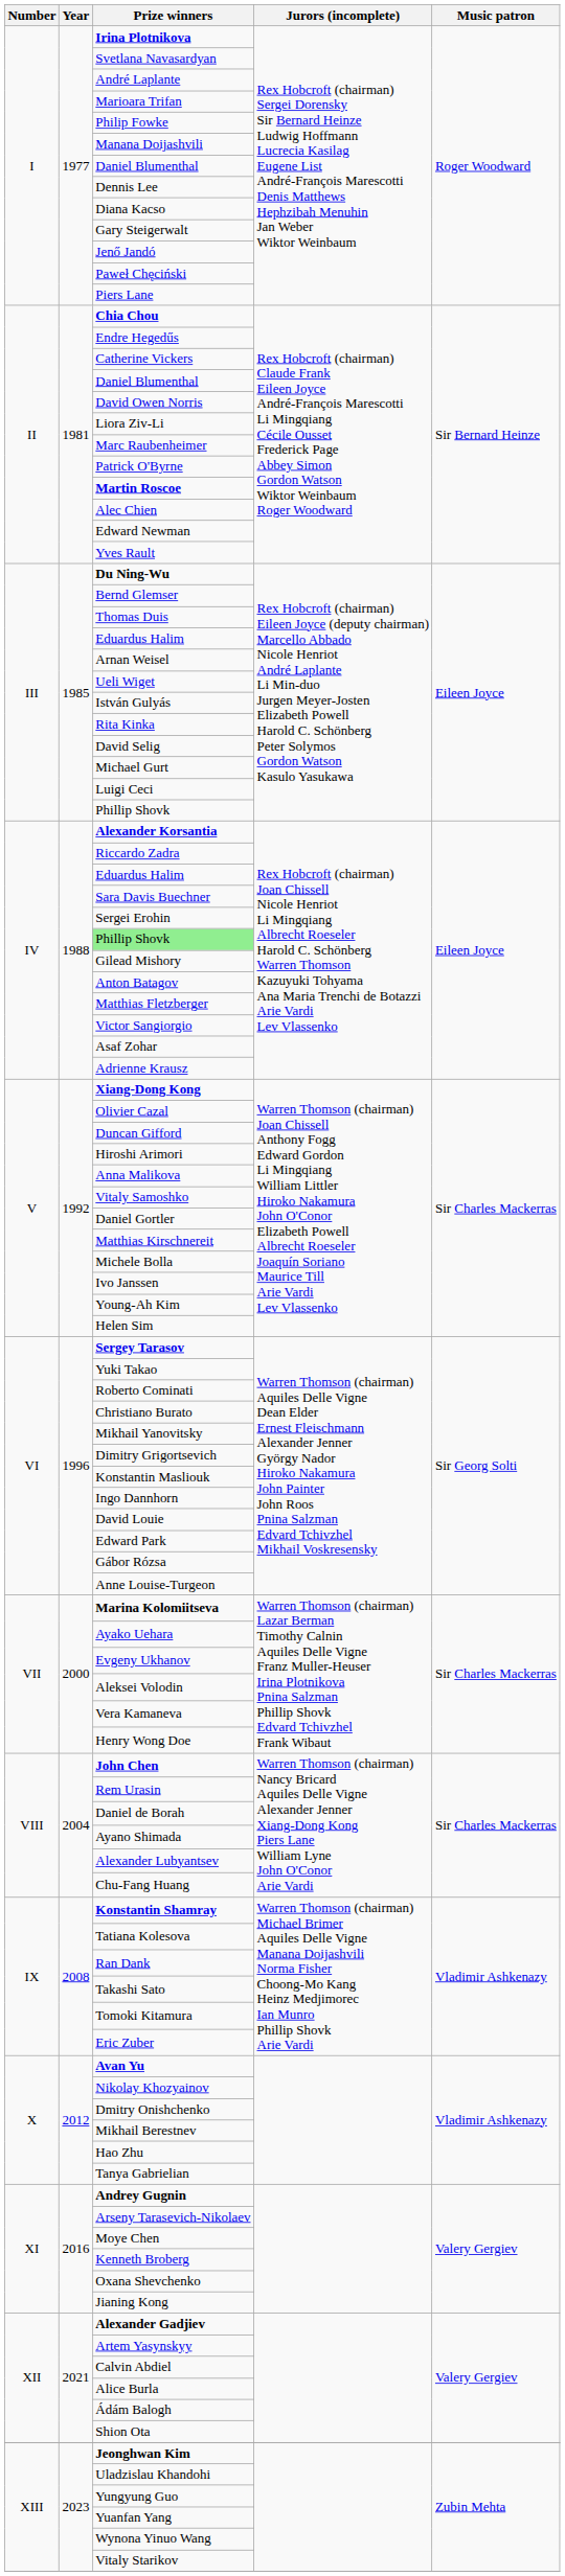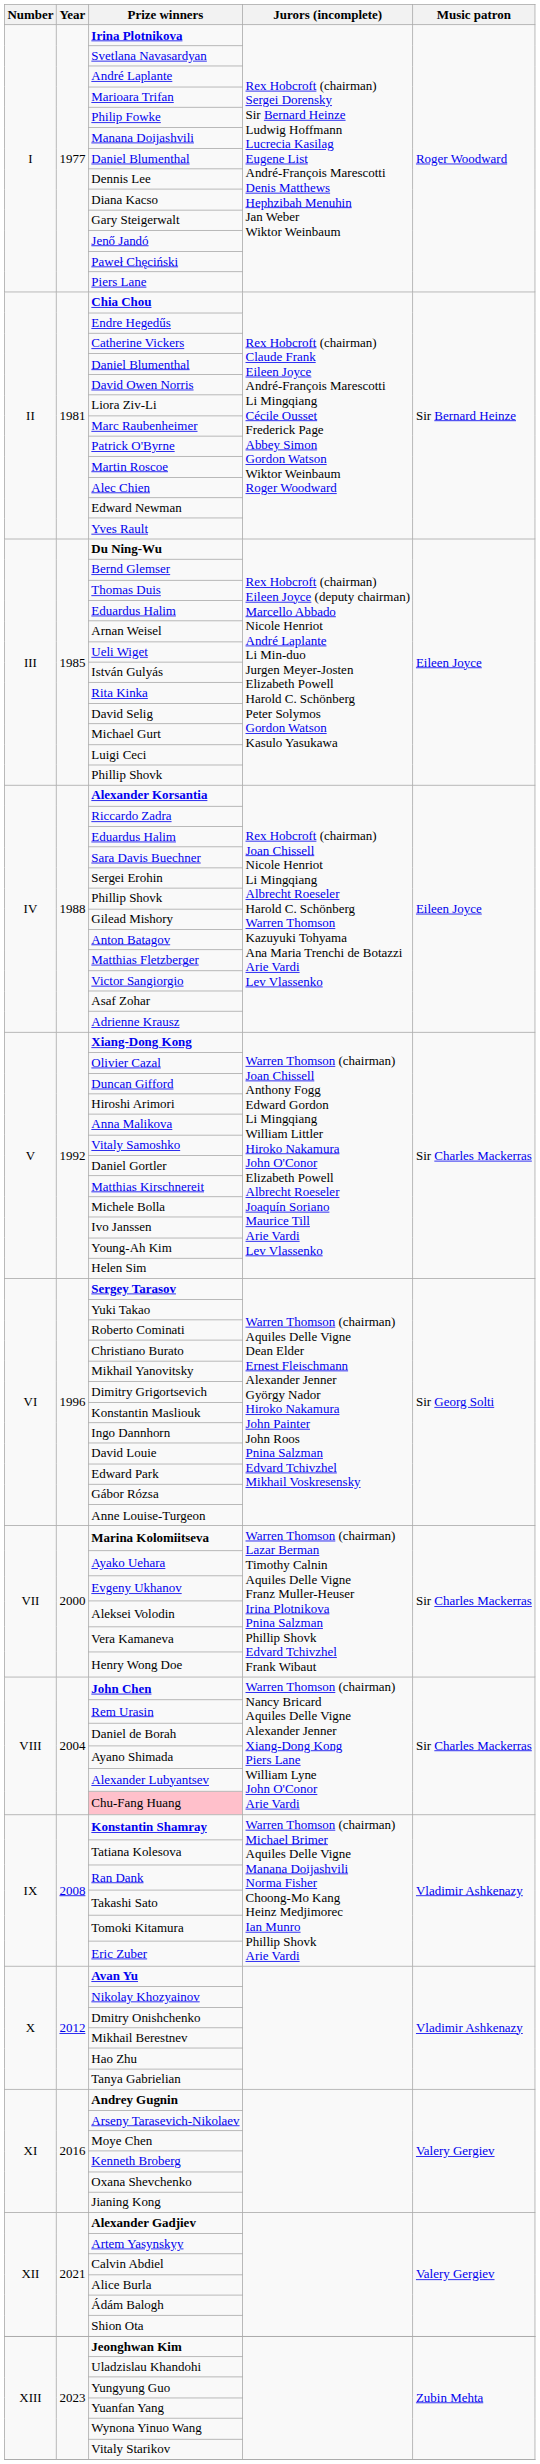 <table class="wikitable">
 <tr>
 <th>Number</th>
 <th>Year</th>
 <th>Prize winners</th>
 <th>Jurors (incomplete)</th>
 <th>Music patron</th>
 </tr>
 <tr>
 <td rowspan="13" style="text-align:center;">I</td>
 <td rowspan="13" style="text-align:center;">1977</td>
 <td> <strong><a href='#'>Irina Plotnikova</a></strong></td>
 <td rowspan="13"><a href='#'>Rex Hobcroft</a> (chairman) <br> <a href='#'>Sergei Dorensky</a> <br> Sir <a href='#'>Bernard Heinze</a><br> Ludwig Hoffmann <br> <a href='#'>Lucrecia Kasilag</a> <br> <a href='#'>Eugene List</a> <br> André-François Marescotti <br> <a href='#'>Denis Matthews</a> <br> <a href='#'>Hephzibah Menuhin</a> <br> Jan Weber <br> Wiktor Weinbaum</td>
 <td rowspan="13"><a href='#'>Roger Woodward</a></td>
 </tr>
 <tr>
 <td> <a href='#'>Svetlana Navasardyan</a></td>
 </tr>
 <tr>
 <td> <a href='#'>André Laplante</a></td>
 </tr>
 <tr>
 <td> <a href='#'>Marioara Trifan</a></td>
 </tr>
 <tr>
 <td> <a href='#'>Philip Fowke</a></td>
 </tr>
 <tr>
 <td> <a href='#'>Manana Doijashvili</a></td>
 </tr>
 <tr>
 <td> <a href='#'>Daniel Blumenthal</a></td>
 </tr>
 <tr>
 <td> Dennis Lee</td>
 </tr>
 <tr>
 <td> Diana Kacso</td>
 </tr>
 <tr>
 <td> Gary Steigerwalt</td>
 </tr>
 <tr>
 <td> <a href='#'>Jenő Jandó</a></td>
 </tr>
 <tr>
 <td> <a href='#'>Paweł Chęciński</a></td>
 </tr>
 <tr>
 <td> <a href='#'>Piers Lane</a></td>
 </tr>
 <tr>
 <td rowspan="12" style="text-align:center;">II</td>
 <td rowspan="12" style="text-align:center;">1981</td>
 <td> <strong><a href='#'>Chia Chou</a></strong></td>
 <td rowspan="12"><a href='#'>Rex Hobcroft</a> (chairman) <br> <a href='#'>Claude Frank</a> <br> <a href='#'>Eileen Joyce</a> <br> André-François Marescotti <br> Li Mingqiang <br> <a href='#'>Cécile Ousset</a> <br> Frederick Page <br> <a href='#'>Abbey Simon</a> <br> <a href='#'>Gordon Watson</a> <br> Wiktor Weinbaum <br> <a href='#'>Roger Woodward</a></td>
 <td rowspan="12">Sir <a href='#'>Bernard Heinze</a></td>
 </tr>
 <tr>
 <td> <a href='#'>Endre Hegedűs</a></td>
 </tr>
 <tr>
 <td> <a href='#'>Catherine Vickers</a></td>
 </tr>
 <tr>
 <td> <a href='#'>Daniel Blumenthal</a></td>
 </tr>
 <tr>
 <td> <a href='#'>David Owen Norris</a></td>
 </tr>
 <tr>
 <td> Liora Ziv-Li</td>
 </tr>
 <tr>
 <td> <a href='#'>Marc Raubenheimer</a></td>
 </tr>
 <tr>
 <td> <a href='#'>Patrick O'Byrne</a></td>
 </tr>
 <tr>
-<td><strong> <a href='#'>Martin Roscoe</a></strong></td>
+<td> <a href='#'>Martin Roscoe</a></td>
 </tr>
 <tr>
 <td> <a href='#'>Alec Chien</a></td>
 </tr>
 <tr>
 <td> Edward Newman</td>
 </tr>
 <tr>
 <td> <a href='#'>Yves Rault</a></td>
 </tr>
 <tr>
 <td rowspan="12" style="text-align:center;">III</td>
 <td rowspan="12" style="text-align:center;">1985</td>
 <td> <strong>Du Ning-Wu</strong></td>
 <td rowspan="12"><a href='#'>Rex Hobcroft</a> (chairman) <br> <a href='#'>Eileen Joyce</a> (deputy chairman) <br> <a href='#'>Marcello Abbado</a> <br> Nicole Henriot <br> <a href='#'>André Laplante</a> <br> Li Min-duo <br> Jurgen Meyer-Josten <br> Elizabeth Powell <br> Harold C. Schönberg <br> Peter Solymos <br> <a href='#'>Gordon Watson</a> <br> Kasulo Yasukawa</td>
 <td rowspan="12"><a href='#'>Eileen Joyce</a></td>
 </tr>
 <tr>
 <td> <a href='#'>Bernd Glemser</a></td>
 </tr>
 <tr>
 <td> <a href='#'>Thomas Duis</a></td>
 </tr>
 <tr>
 <td> <a href='#'>Eduardus Halim</a></td>
 </tr>
 <tr>
 <td> Arnan Weisel</td>
 </tr>
 <tr>
 <td> <a href='#'>Ueli Wiget</a></td>
 </tr>
 <tr>
 <td> István Gulyás</td>
 </tr>
 <tr>
 <td> <a href='#'>Rita Kinka</a></td>
 </tr>
 <tr>
 <td> David Selig</td>
 </tr>
 <tr>
 <td> Michael Gurt</td>
 </tr>
 <tr>
 <td> Luigi Ceci</td>
 </tr>
 <tr>
 <td> Phillip Shovk</td>
 </tr>
 <tr>
 <td rowspan="12" style="text-align:center;">IV</td>
 <td rowspan="12" style="text-align:center;">1988</td>
 <td> <strong><a href='#'>Alexander Korsantia</a></strong></td>
 <td rowspan="12"><a href='#'>Rex Hobcroft</a> (chairman) <br> <a href='#'>Joan Chissell</a> <br> Nicole Henriot <br> Li Mingqiang <br> <a href='#'>Albrecht Roeseler</a> <br> Harold C. Schönberg <br> <a href='#'>Warren Thomson</a> <br> Kazuyuki Tohyama <br> Ana Maria Trenchi de Botazzi <br> <a href='#'>Arie Vardi</a> <br> <a href='#'>Lev Vlassenko</a></td>
 <td rowspan="12"><a href='#'>Eileen Joyce</a></td>
 </tr>
 <tr>
 <td> <a href='#'>Riccardo Zadra</a></td>
 </tr>
 <tr>
 <td> <a href='#'>Eduardus Halim</a></td>
 </tr>
 <tr>
 <td> <a href='#'>Sara Davis Buechner</a></td>
 </tr>
 <tr>
 <td> Sergei Erohin</td>
 </tr>
 <tr>
-<td style="background: lightgreen;"> Phillip Shovk</td>
+<td> Phillip Shovk</td>
 </tr>
 <tr>
 <td> Gilead Mishory</td>
 </tr>
 <tr>
 <td> <a href='#'>Anton Batagov</a></td>
 </tr>
 <tr>
 <td> <a href='#'>Matthias Fletzberger</a></td>
 </tr>
 <tr>
 <td> <a href='#'>Victor Sangiorgio</a></td>
 </tr>
 <tr>
 <td> Asaf Zohar</td>
 </tr>
 <tr>
 <td> <a href='#'>Adrienne Krausz</a></td>
 </tr>
 <tr>
 <td rowspan="12" style="text-align:center;">V</td>
 <td rowspan="12" style="text-align:center;">1992</td>
 <td> <strong><a href='#'>Xiang-Dong Kong</a></strong></td>
 <td rowspan="12"><a href='#'>Warren Thomson</a> (chairman) <br> <a href='#'>Joan Chissell</a> <br> Anthony Fogg <br> Edward Gordon <br> Li Mingqiang <br> William Littler <br> <a href='#'>Hiroko Nakamura</a> <br> <a href='#'>John O'Conor</a> <br> Elizabeth Powell <br> <a href='#'>Albrecht Roeseler</a> <br> <a href='#'>Joaquín Soriano</a> <br> <a href='#'>Maurice Till</a> <br> <a href='#'>Arie Vardi</a> <br> <a href='#'>Lev Vlassenko</a> <br></td>
 <td rowspan="12">Sir <a href='#'>Charles Mackerras</a></td>
 </tr>
 <tr>
 <td> <a href='#'>Olivier Cazal</a></td>
 </tr>
 <tr>
 <td> <a href='#'>Duncan Gifford</a></td>
 </tr>
 <tr>
 <td> Hiroshi Arimori</td>
 </tr>
 <tr>
 <td> <a href='#'>Anna Malikova</a></td>
 </tr>
 <tr>
 <td> <a href='#'>Vitaly Samoshko</a></td>
 </tr>
 <tr>
 <td> Daniel Gortler</td>
 </tr>
 <tr>
 <td> <a href='#'>Matthias Kirschnereit</a></td>
 </tr>
 <tr>
 <td> Michele Bolla</td>
 </tr>
 <tr>
 <td> Ivo Janssen</td>
 </tr>
 <tr>
 <td> Young-Ah Kim</td>
 </tr>
 <tr>
 <td> Helen Sim</td>
 </tr>
 <tr>
 <td rowspan="12" style="text-align:center;">VI</td>
 <td rowspan="12" style="text-align:center;">1996</td>
 <td> <strong><a href='#'>Sergey Tarasov</a></strong></td>
 <td rowspan="12"><a href='#'>Warren Thomson</a> (chairman) <br> Aquiles Delle Vigne <br> Dean Elder <br> <a href='#'>Ernest Fleischmann</a> <br> Alexander Jenner <br> György Nador <br> <a href='#'>Hiroko Nakamura</a> <br> <a href='#'>John Painter</a> <br> John Roos <br> <a href='#'>Pnina Salzman</a> <br> <a href='#'>Edvard Tchivzhel</a> <br> <a href='#'>Mikhail Voskresensky</a></td>
 <td rowspan="12">Sir <a href='#'>Georg Solti</a></td>
 </tr>
 <tr>
 <td> Yuki Takao</td>
 </tr>
 <tr>
 <td> Roberto Cominati</td>
 </tr>
 <tr>
 <td> Christiano Burato</td>
 </tr>
 <tr>
 <td> Mikhail Yanovitsky</td>
 </tr>
 <tr>
 <td> Dimitry Grigortsevich</td>
 </tr>
 <tr>
 <td> Konstantin Masliouk</td>
 </tr>
 <tr>
 <td> Ingo Dannhorn</td>
 </tr>
 <tr>
 <td> David Louie</td>
 </tr>
 <tr>
 <td> Edward Park</td>
 </tr>
 <tr>
 <td> Gábor Rózsa</td>
 </tr>
 <tr>
 <td> Anne Louise-Turgeon</td>
 </tr>
 <tr>
 <td rowspan="6" style="text-align:center;">VII</td>
 <td rowspan="6" style="text-align:center;">2000</td>
 <td> <strong>Marina Kolomiitseva</strong></td>
 <td rowspan="6"><a href='#'>Warren Thomson</a> (chairman) <br> <a href='#'>Lazar Berman</a> <br> Timothy Calnin <br> Aquiles Delle Vigne <br> Franz Muller-Heuser <br> <a href='#'>Irina Plotnikova</a> <br> <a href='#'>Pnina Salzman</a> <br> Phillip Shovk <br> <a href='#'>Edvard Tchivzhel</a> <br> Frank Wibaut</td>
 <td rowspan="6">Sir <a href='#'>Charles Mackerras</a></td>
 </tr>
 <tr>
 <td> <a href='#'>Ayako Uehara</a></td>
 </tr>
 <tr>
 <td> <a href='#'>Evgeny Ukhanov</a></td>
 </tr>
 <tr>
 <td> Aleksei Volodin</td>
 </tr>
 <tr>
 <td> Vera Kamaneva</td>
 </tr>
 <tr>
 <td> Henry Wong Doe</td>
 </tr>
 <tr>
 <td rowspan="6" style="text-align:center;">VIII</td>
 <td rowspan="6" style="text-align:center;">2004</td>
 <td> <strong><a href='#'>John Chen</a></strong></td>
 <td rowspan="6"><a href='#'>Warren Thomson</a> (chairman)<br> Nancy Bricard<br> Aquiles Delle Vigne<br> Alexander Jenner<br> <a href='#'>Xiang-Dong Kong</a><br> <a href='#'>Piers Lane</a><br> William Lyne<br> <a href='#'>John O'Conor</a><br> <a href='#'>Arie Vardi</a></td>
 <td rowspan="6">Sir <a href='#'>Charles Mackerras</a></td>
 </tr>
 <tr>
 <td> <a href='#'>Rem Urasin</a></td>
 </tr>
 <tr>
 <td> Daniel de Borah</td>
 </tr>
 <tr>
 <td> Ayano Shimada</td>
 </tr>
 <tr>
 <td> <a href='#'>Alexander Lubyantsev</a></td>
 </tr>
 <tr>
-<td> Chu-Fang Huang</td>
+<td style="background: pink;"> Chu-Fang Huang</td>
 </tr>
 <tr>
 <td rowspan="6" style="text-align:center;">IX</td>
 <td rowspan="6" style="text-align:center;"><a href='#'>2008</a></td>
 <td> <strong><a href='#'>Konstantin Shamray</a></strong></td>
 <td rowspan="6"><a href='#'>Warren Thomson</a> (chairman)<br> <a href='#'>Michael Brimer</a><br> Aquiles Delle Vigne<br> <a href='#'>Manana Doijashvili</a><br> <a href='#'>Norma Fisher</a><br> Choong-Mo Kang<br> Heinz Medjimorec<br> <a href='#'>Ian Munro</a><br> Phillip Shovk<br> <a href='#'>Arie Vardi</a></td>
 <td rowspan="6"><a href='#'>Vladimir Ashkenazy</a></td>
 </tr>
 <tr>
 <td> Tatiana Kolesova</td>
 </tr>
 <tr>
 <td> <a href='#'>Ran Dank</a></td>
 </tr>
 <tr>
 <td> Takashi Sato</td>
 </tr>
 <tr>
 <td> Tomoki Kitamura</td>
 </tr>
 <tr>
 <td> <a href='#'>Eric Zuber</a></td>
 </tr>
 <tr>
 <td rowspan="6" style="text-align:center;">X</td>
 <td rowspan="6" style="text-align:center;"><a href='#'>2012</a></td>
 <td> <strong><a href='#'>Avan Yu</a></strong></td>
 <td rowspan="6"></td>
 <td rowspan="6"><a href='#'>Vladimir Ashkenazy</a></td>
 </tr>
 <tr>
 <td> <a href='#'>Nikolay Khozyainov</a></td>
 </tr>
 <tr>
 <td> Dmitry Onishchenko</td>
 </tr>
 <tr>
 <td> Mikhail Berestnev</td>
 </tr>
 <tr>
 <td> Hao Zhu</td>
 </tr>
 <tr>
 <td> Tanya Gabrielian</td>
 </tr>
 <tr>
 <td rowspan="6" style="text-align:center;">XI</td>
 <td rowspan="6" style="text-align:center;">2016</td>
 <td> <strong>Andrey Gugnin</strong></td>
 <td rowspan="6"></td>
 <td rowspan="6"><a href='#'>Valery Gergiev</a></td>
 </tr>
 <tr>
 <td> <a href='#'>Arseny Tarasevich-Nikolaev</a></td>
 </tr>
 <tr>
 <td> Moye Chen</td>
 </tr>
 <tr>
 <td> <a href='#'>Kenneth Broberg</a></td>
 </tr>
 <tr>
 <td> Oxana Shevchenko</td>
 </tr>
 <tr>
 <td> Jianing Kong</td>
 </tr>
 <tr>
 <td rowspan="6" style="text-align:center;">XII</td>
 <td rowspan="6" style="text-align:center;">2021</td>
 <td> <strong>Alexander Gadjiev</strong></td>
 <td rowspan="6"></td>
 <td rowspan="6"><a href='#'>Valery Gergiev</a></td>
 </tr>
 <tr>
 <td> <a href='#'>Artem Yasynskyy</a></td>
 </tr>
 <tr>
 <td> Calvin Abdiel</td>
 </tr>
 <tr>
 <td> Alice Burla</td>
 </tr>
 <tr>
 <td> Ádám Balogh</td>
 </tr>
 <tr>
 <td> Shion Ota</td>
 </tr>
 <tr>
 </tr>
 <tr>
 <td rowspan="6" style="text-align:center;">XIII</td>
 <td rowspan="6" style="text-align:center;">2023</td>
 <td> <strong>Jeonghwan Kim</strong></td>
 <td rowspan="6"></td>
 <td rowspan="6"><a href='#'>Zubin Mehta</a></td>
 </tr>
 <tr>
 <td> Uladzislau Khandohi</td>
 </tr>
 <tr>
 <td> Yungyung Guo</td>
 </tr>
 <tr>
 <td> Yuanfan Yang</td>
 </tr>
 <tr>
 <td> Wynona Yinuo Wang</td>
 </tr>
 <tr>
 <td> Vitaly Starikov</td>
 </tr>
 <tr>
 </tr>
 </table>
